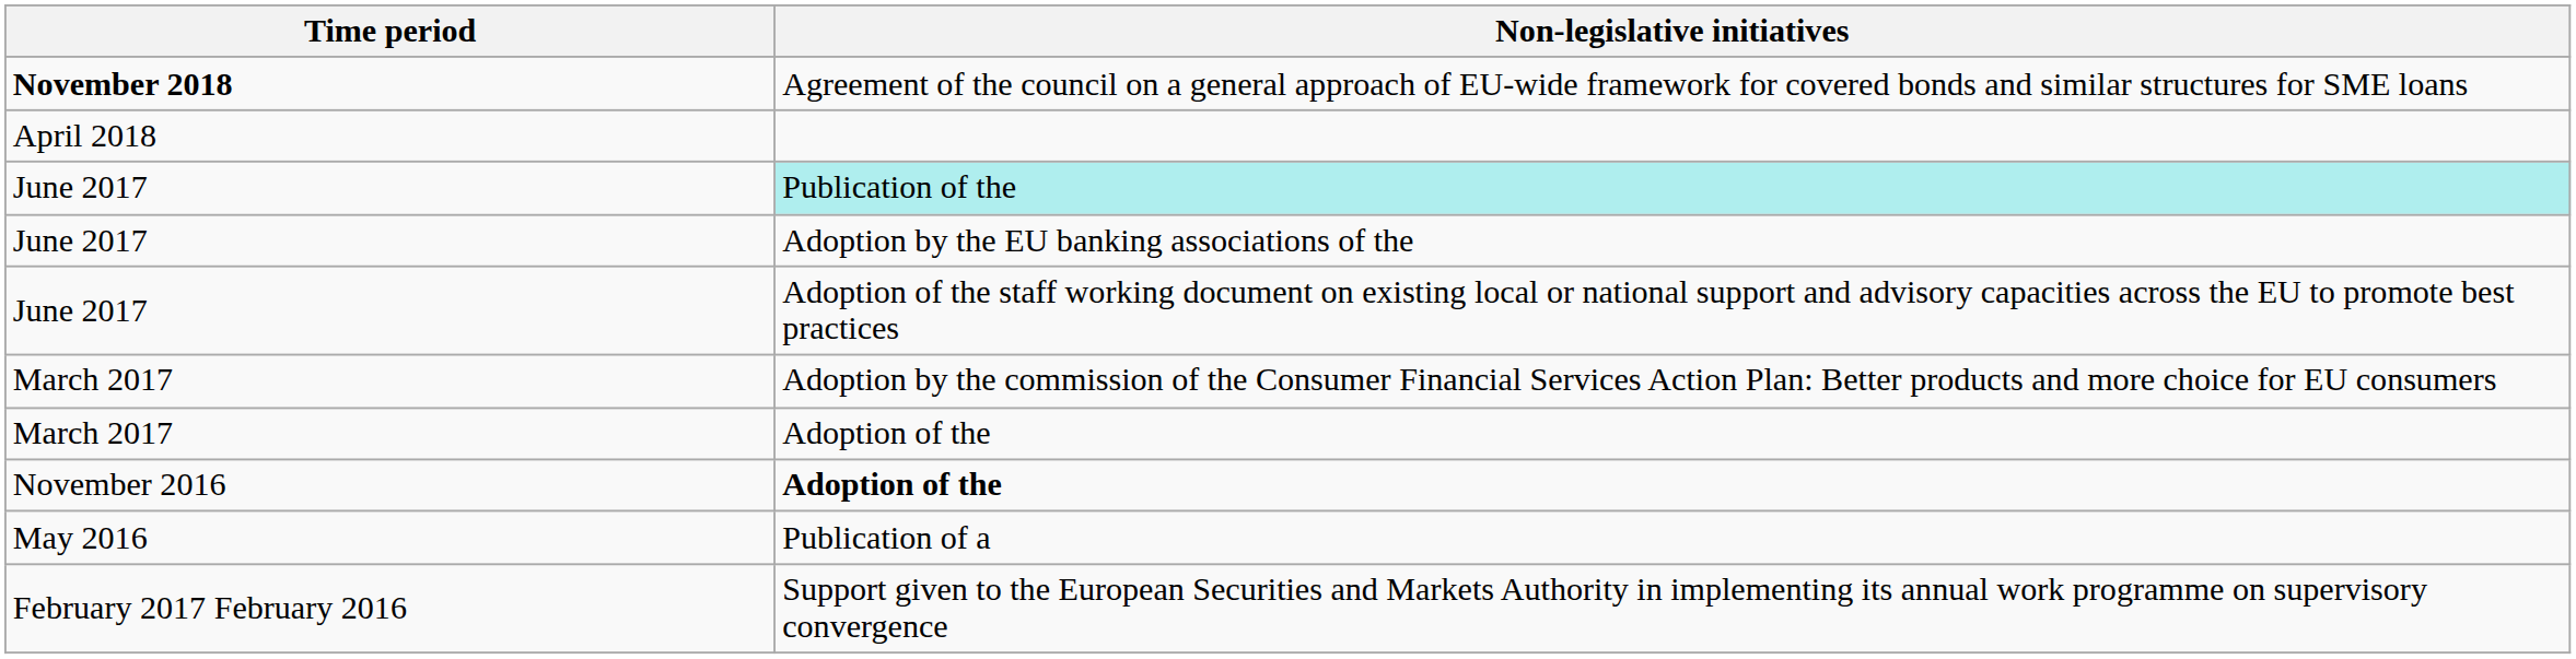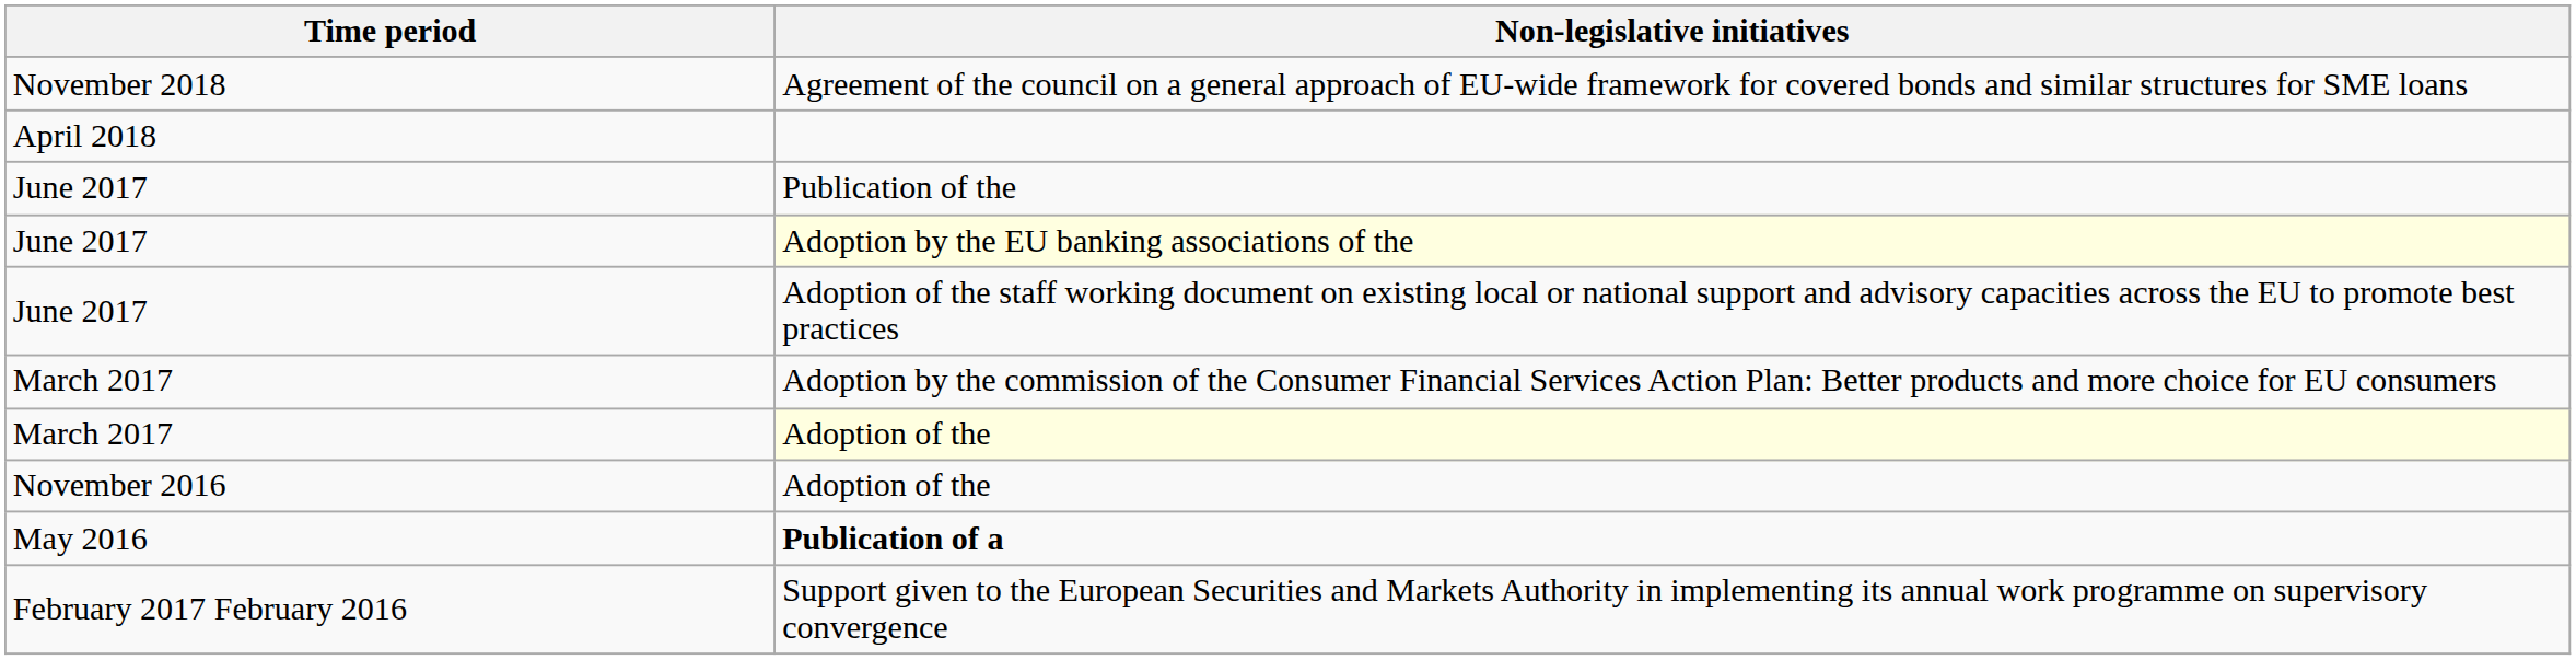 <table class="wikitable center">
 <tr>
 <th scope="col">Time period</th>
 <th scope="col">Non-legislative initiatives</th>
 </tr>
 <tr>
-<td><strong>November 2018</strong></td>
+<td>November 2018</td>
 <td style="width:70%;">Agreement of the council on a general approach of EU-wide framework for covered bonds and similar structures for SME loans</td>
 </tr>
 <tr>
 <td>April 2018</td>
 <td style="width:70%;"></td>
 </tr>
 <tr>
 <td>June 2017</td>
-<td style="background: paleturquoise; width:70%;">Publication of the </td>
+<td style="width:70%;">Publication of the </td>
 </tr>
 <tr>
 <td>June 2017</td>
-<td style="width:70%;">Adoption by the EU banking associations of the </td>
+<td style="background: lightyellow; width:70%;">Adoption by the EU banking associations of the </td>
 </tr>
 <tr>
 <td>June 2017</td>
 <td style="width:70%;">Adoption of the staff working document on existing local or national support and advisory capacities across the EU to promote best practices</td>
 </tr>
 <tr>
 <td>March 2017</td>
 <td style="width:70%;">Adoption by the commission of the Consumer Financial Services Action Plan: Better products and more choice for EU consumers</td>
 </tr>
 <tr>
 <td>March 2017</td>
+<td style="background: lightyellow; width:70%;">Adoption of the </td>
+</tr>
+<tr>
+<td>November 2016</td>
 <td style="width:70%;">Adoption of the </td>
 </tr>
 <tr>
-<td>November 2016</td>
-<td style="width:70%;"><strong>Adoption of the </strong></td>
-</tr>
-<tr>
 <td>May 2016</td>
-<td style="width:70%;">Publication of a </td>
+<td style="width:70%;"><strong>Publication of a </strong></td>
 </tr>
 <tr>
 <td>February 2017 February 2016</td>
 <td style="width:70%;">Support given to the European Securities and Markets Authority in implementing its annual work programme on supervisory convergence</td>
 </tr>
 </table>
